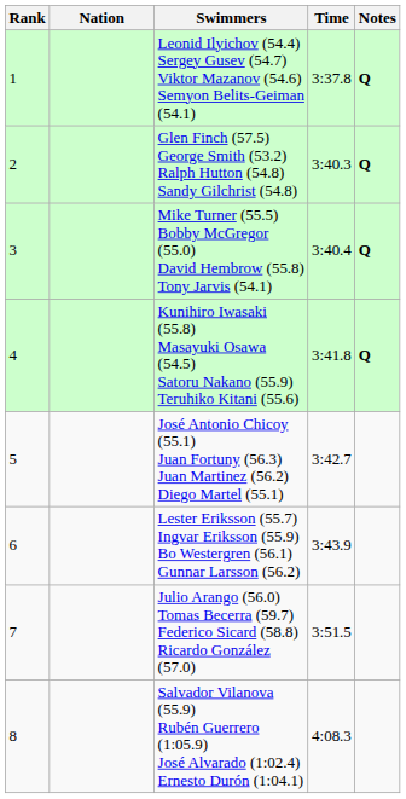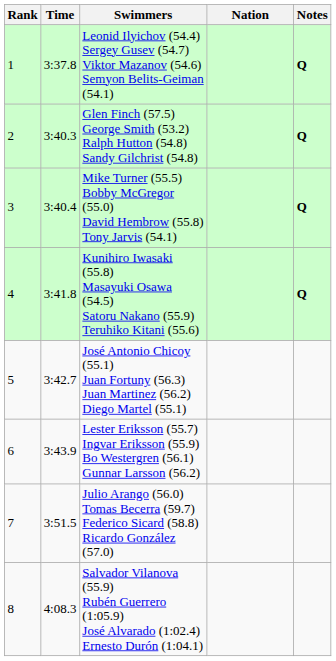 <table class="wikitable sortable">
 <tr>
 <th>Rank</th>
+<th>Time</th>
+<th width=150>Swimmers</th>
 <th width=100>Nation</th>
-<th width=150>Swimmers</th>
-<th>Time</th>
 <th>Notes</th>
 </tr>
 <tr bgcolor=#CCFFCC>
 <td>1</td>
+<td>3:37.8</td>
+<td><a href='#'>Leonid Ilyichov</a> (54.4) <br><a href='#'>Sergey Gusev</a> (54.7)<br><a href='#'>Viktor Mazanov</a> (54.6)<br><a href='#'>Semyon Belits-Geiman</a> (54.1)</td>
 <td></td>
-<td><a href='#'>Leonid Ilyichov</a> (54.4) <br><a href='#'>Sergey Gusev</a> (54.7)<br><a href='#'>Viktor Mazanov</a> (54.6)<br><a href='#'>Semyon Belits-Geiman</a> (54.1)</td>
-<td>3:37.8</td>
 <td><strong>Q</strong></td>
 </tr>
 <tr bgcolor=#CCFFCC>
 <td>2</td>
+<td>3:40.3</td>
+<td><a href='#'>Glen Finch</a> (57.5) <br><a href='#'>George Smith</a> (53.2)<br><a href='#'>Ralph Hutton</a> (54.8)<br><a href='#'>Sandy Gilchrist</a> (54.8)</td>
 <td></td>
-<td><a href='#'>Glen Finch</a> (57.5) <br><a href='#'>George Smith</a> (53.2)<br><a href='#'>Ralph Hutton</a> (54.8)<br><a href='#'>Sandy Gilchrist</a> (54.8)</td>
-<td>3:40.3</td>
 <td><strong>Q</strong></td>
 </tr>
 <tr bgcolor=#CCFFCC>
 <td>3</td>
+<td>3:40.4</td>
+<td><a href='#'>Mike Turner</a> (55.5) <br><a href='#'>Bobby McGregor</a> (55.0)<br><a href='#'>David Hembrow</a> (55.8)<br><a href='#'>Tony Jarvis</a> (54.1)</td>
 <td></td>
-<td><a href='#'>Mike Turner</a> (55.5) <br><a href='#'>Bobby McGregor</a> (55.0)<br><a href='#'>David Hembrow</a> (55.8)<br><a href='#'>Tony Jarvis</a> (54.1)</td>
-<td>3:40.4</td>
 <td><strong>Q</strong></td>
 </tr>
 <tr bgcolor=#CCFFCC>
 <td>4</td>
+<td>3:41.8</td>
+<td><a href='#'>Kunihiro Iwasaki</a> (55.8) <br><a href='#'>Masayuki Osawa</a> (54.5)<br><a href='#'>Satoru Nakano</a> (55.9)<br><a href='#'>Teruhiko Kitani</a> (55.6)</td>
 <td></td>
-<td><a href='#'>Kunihiro Iwasaki</a> (55.8) <br><a href='#'>Masayuki Osawa</a> (54.5)<br><a href='#'>Satoru Nakano</a> (55.9)<br><a href='#'>Teruhiko Kitani</a> (55.6)</td>
-<td>3:41.8</td>
 <td><strong>Q</strong></td>
 </tr>
 <tr>
 <td>5</td>
+<td>3:42.7</td>
+<td><a href='#'>José Antonio Chicoy</a> (55.1) <br><a href='#'>Juan Fortuny</a> (56.3)<br><a href='#'>Juan Martinez</a> (56.2)<br><a href='#'>Diego Martel</a> (55.1)</td>
 <td></td>
-<td><a href='#'>José Antonio Chicoy</a> (55.1) <br><a href='#'>Juan Fortuny</a> (56.3)<br><a href='#'>Juan Martinez</a> (56.2)<br><a href='#'>Diego Martel</a> (55.1)</td>
-<td>3:42.7</td>
 <td></td>
 </tr>
 <tr>
 <td>6</td>
+<td>3:43.9</td>
+<td><a href='#'>Lester Eriksson</a> (55.7) <br><a href='#'>Ingvar Eriksson</a> (55.9)<br><a href='#'>Bo Westergren</a> (56.1)<br><a href='#'>Gunnar Larsson</a> (56.2)</td>
 <td></td>
-<td><a href='#'>Lester Eriksson</a> (55.7) <br><a href='#'>Ingvar Eriksson</a> (55.9)<br><a href='#'>Bo Westergren</a> (56.1)<br><a href='#'>Gunnar Larsson</a> (56.2)</td>
-<td>3:43.9</td>
 <td></td>
 </tr>
 <tr>
 <td>7</td>
+<td>3:51.5</td>
+<td><a href='#'>Julio Arango</a> (56.0) <br><a href='#'>Tomas Becerra</a> (59.7)<br><a href='#'>Federico Sicard</a> (58.8)<br><a href='#'>Ricardo González</a> (57.0)</td>
 <td></td>
-<td><a href='#'>Julio Arango</a> (56.0) <br><a href='#'>Tomas Becerra</a> (59.7)<br><a href='#'>Federico Sicard</a> (58.8)<br><a href='#'>Ricardo González</a> (57.0)</td>
-<td>3:51.5</td>
 <td></td>
 </tr>
 <tr>
 <td>8</td>
+<td>4:08.3</td>
+<td><a href='#'>Salvador Vilanova</a> (55.9) <br><a href='#'>Rubén Guerrero</a> (1:05.9)<br><a href='#'>José Alvarado</a> (1:02.4)<br><a href='#'>Ernesto Durón</a> (1:04.1)</td>
 <td></td>
-<td><a href='#'>Salvador Vilanova</a> (55.9) <br><a href='#'>Rubén Guerrero</a> (1:05.9)<br><a href='#'>José Alvarado</a> (1:02.4)<br><a href='#'>Ernesto Durón</a> (1:04.1)</td>
-<td>4:08.3</td>
 <td></td>
 </tr>
 </table>
